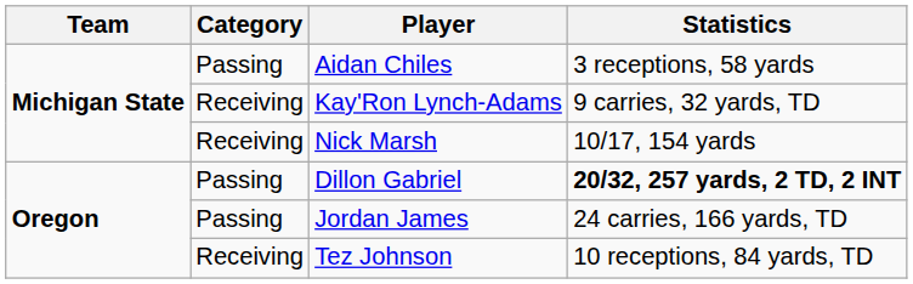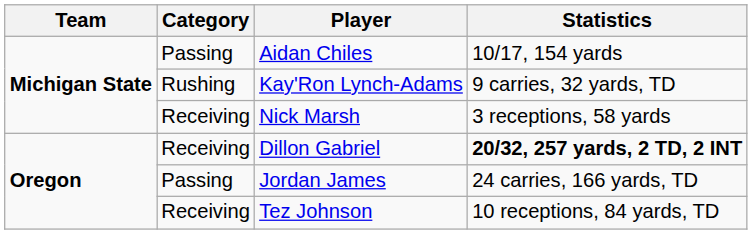 <table class="wikitable" style="float: right;">
 <tr>
 <th>Team</th>
 <th>Category</th>
 <th>Player</th>
 <th>Statistics</th>
 </tr>
 <tr>
 <td rowspan=3><strong>Michigan State</strong></td>
 <td>Passing</td>
 <td><a href='#'>Aidan Chiles</a></td>
-<td>3 receptions, 58 yards</td>
+<td>10/17, 154 yards</td>
 </tr>
 <tr>
-<td>Receiving</td>
+<td>Rushing</td>
 <td><a href='#'>Kay'Ron Lynch-Adams</a></td>
 <td>9 carries, 32 yards, TD</td>
 </tr>
 <tr>
 <td>Receiving</td>
 <td><a href='#'>Nick Marsh</a></td>
-<td>10/17, 154 yards</td>
+<td>3 receptions, 58 yards</td>
 </tr>
 <tr>
 <td rowspan=3><strong>Oregon</strong></td>
-<td>Passing</td>
+<td>Receiving</td>
 <td><a href='#'>Dillon Gabriel</a></td>
 <td><strong>20/32, 257 yards, 2 TD, 2 INT</strong></td>
 </tr>
 <tr>
 <td>Passing</td>
 <td><a href='#'>Jordan James</a></td>
 <td>24 carries, 166 yards, TD</td>
 </tr>
 <tr>
 <td>Receiving</td>
 <td><a href='#'>Tez Johnson</a></td>
 <td>10 receptions, 84 yards, TD</td>
 </tr>
 </table>
